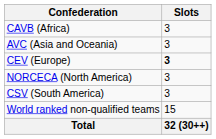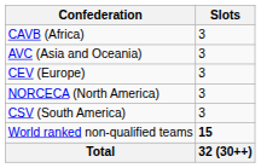 <table class="wikitable">
 <tr>
 <th>Confederation</th>
 <th>Slots</th>
 </tr>
 <tr>
 <td style="text-align:left;"><a href='#'>CAVB</a> (Africa)</td>
 <td>3</td>
 </tr>
 <tr>
 <td style="text-align:left;"><a href='#'>AVC</a> (Asia and Oceania)</td>
 <td>3</td>
 </tr>
 <tr>
 <td style="text-align:left;"><a href='#'>CEV</a> (Europe)</td>
-<td><strong>3</strong></td>
+<td>3</td>
 </tr>
 <tr>
 <td style="text-align:left;"><a href='#'>NORCECA</a> (North America)</td>
 <td>3</td>
 </tr>
 <tr>
 <td style="text-align:left;"><a href='#'>CSV</a> (South America)</td>
 <td>3</td>
 </tr>
 <tr>
 <td style="text-align:left;"><a href='#'>World ranked</a> non-qualified teams</td>
-<td>15</td>
+<td><strong>15</strong></td>
 </tr>
 <tr>
 <th>Total</th>
 <th>32 (30++)</th>
 </tr>
 </table>
